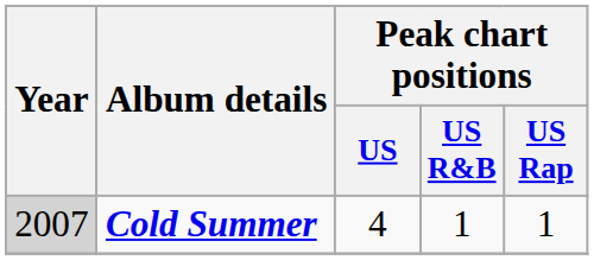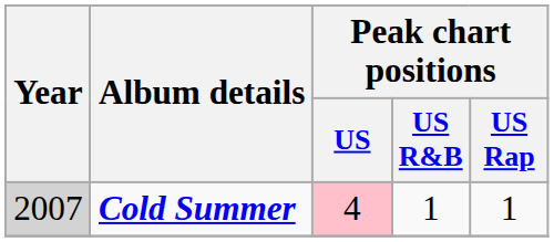 <table class="wikitable" style="text-align:center;">
 <tr>
 <th rowspan="2">Year</th>
 <th rowspan="2">Album details</th>
 <th colspan="3">Peak chart positions</th>
 </tr>
 <tr style="font-size:smaller;">
 <th style="width:30px;"><a href='#'>US</a></th>
 <th style="width:30px;"><a href='#'>US R&B</a></th>
 <th style="width:30px;"><a href='#'>US Rap</a></th>
 </tr>
 <tr>
 <td style="background: lightgrey;">2007</td>
 <td style="text-align:left;"><strong><em><a href='#'>Cold Summer</a></em></strong><br></td>
-<td>4</td>
+<td style="background: pink;">4</td>
 <td>1</td>
 <td>1</td>
 </tr>
 <tr>
 </tr>
 </table>
